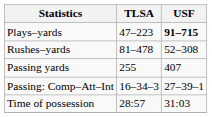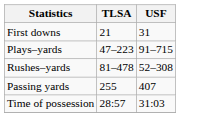 <table class="wikitable" style="float: left;">
 <tr>
 <th>Statistics</th>
 <th>TLSA</th>
 <th>USF</th>
 </tr>
 <tr>
+<td>First downs</td>
+<td>21</td>
+<td>31</td>
+</tr>
+<tr>
 <td>Plays–yards</td>
 <td>47–223</td>
-<td><strong>91–715</strong></td>
+<td>91–715</td>
 </tr>
 <tr>
 <td>Rushes–yards</td>
 <td>81–478</td>
 <td>52–308</td>
 </tr>
 <tr>
 <td>Passing yards</td>
 <td>255</td>
 <td>407</td>
 </tr>
 <tr>
-<td>Passing: Comp–Att–Int</td>
-<td>16–34–3</td>
-<td>27–39–1</td>
-</tr>
-<tr>
 <td>Time of possession</td>
 <td>28:57</td>
 <td>31:03</td>
 </tr>
 <tr>
 </tr>
 </table>
